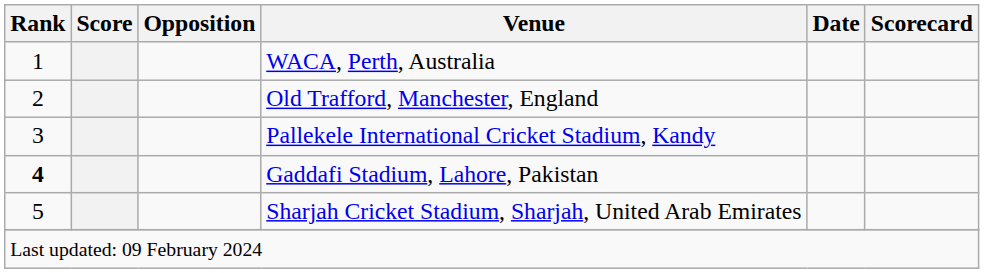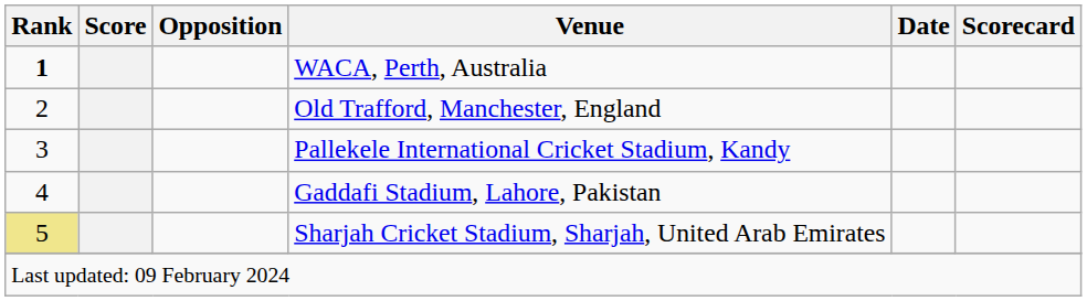 <table class="wikitable plainrowheaders sortable">
 <tr>
 <th scope=col>Rank</th>
 <th scope=col>Score</th>
 <th scope=col>Opposition</th>
 <th scope=col>Venue</th>
 <th scope=col>Date</th>
 <th scope=col>Scorecard</th>
 </tr>
 <tr>
-<td align=center>1</td>
+<td align=center><strong>1</strong></td>
 <th scope=row style=text-align:center;></th>
 <td></td>
 <td><a href='#'>WACA</a>, <a href='#'>Perth</a>, Australia</td>
 <td></td>
 <td></td>
 </tr>
 <tr>
 <td align=center>2</td>
 <th scope=row style=text-align:center;></th>
 <td></td>
 <td><a href='#'>Old Trafford</a>, <a href='#'>Manchester</a>, England</td>
 <td> </td>
 <td></td>
 </tr>
 <tr>
 <td align="center">3</td>
 <th scope="row" style="text-align:center;"></th>
 <td></td>
 <td><a href='#'>Pallekele International Cricket Stadium</a>, <a href='#'>Kandy</a></td>
 <td></td>
 <td></td>
 </tr>
 <tr>
-<td align="center"><strong>4</strong></td>
+<td align="center">4</td>
 <th scope="row" style="text-align:center;"></th>
 <td></td>
 <td><a href='#'>Gaddafi Stadium</a>, <a href='#'>Lahore</a>, Pakistan</td>
 <td></td>
 <td></td>
 </tr>
 <tr>
-<td align="center">5</td>
+<td align="center" style="background: khaki;">5</td>
 <th scope="row" style="text-align:center;"></th>
 <td></td>
 <td><a href='#'>Sharjah Cricket Stadium</a>, <a href='#'>Sharjah</a>, United Arab Emirates</td>
 <td></td>
 <td></td>
 </tr>
 <tr>
 </tr>
 <tr class=sortbottom>
 <td colspan=6><small>Last updated: 09 February 2024</small></td>
 </tr>
 </table>
